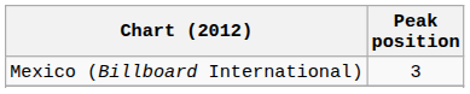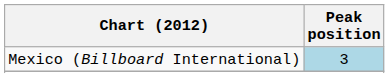 <table class="wikitable sortable">
 <tr>
 <th>Chart (2012)</th>
 <th>Peak<br>position</th>
 </tr>
 <tr>
 <td>Mexico (<em>Billboard</em> International)</td>
-<td align=Center>3</td>
+<td align=Center style="background: lightblue;">3</td>
 </tr>
 <tr>
 </tr>
 <tr>
 </tr>
 </table>
